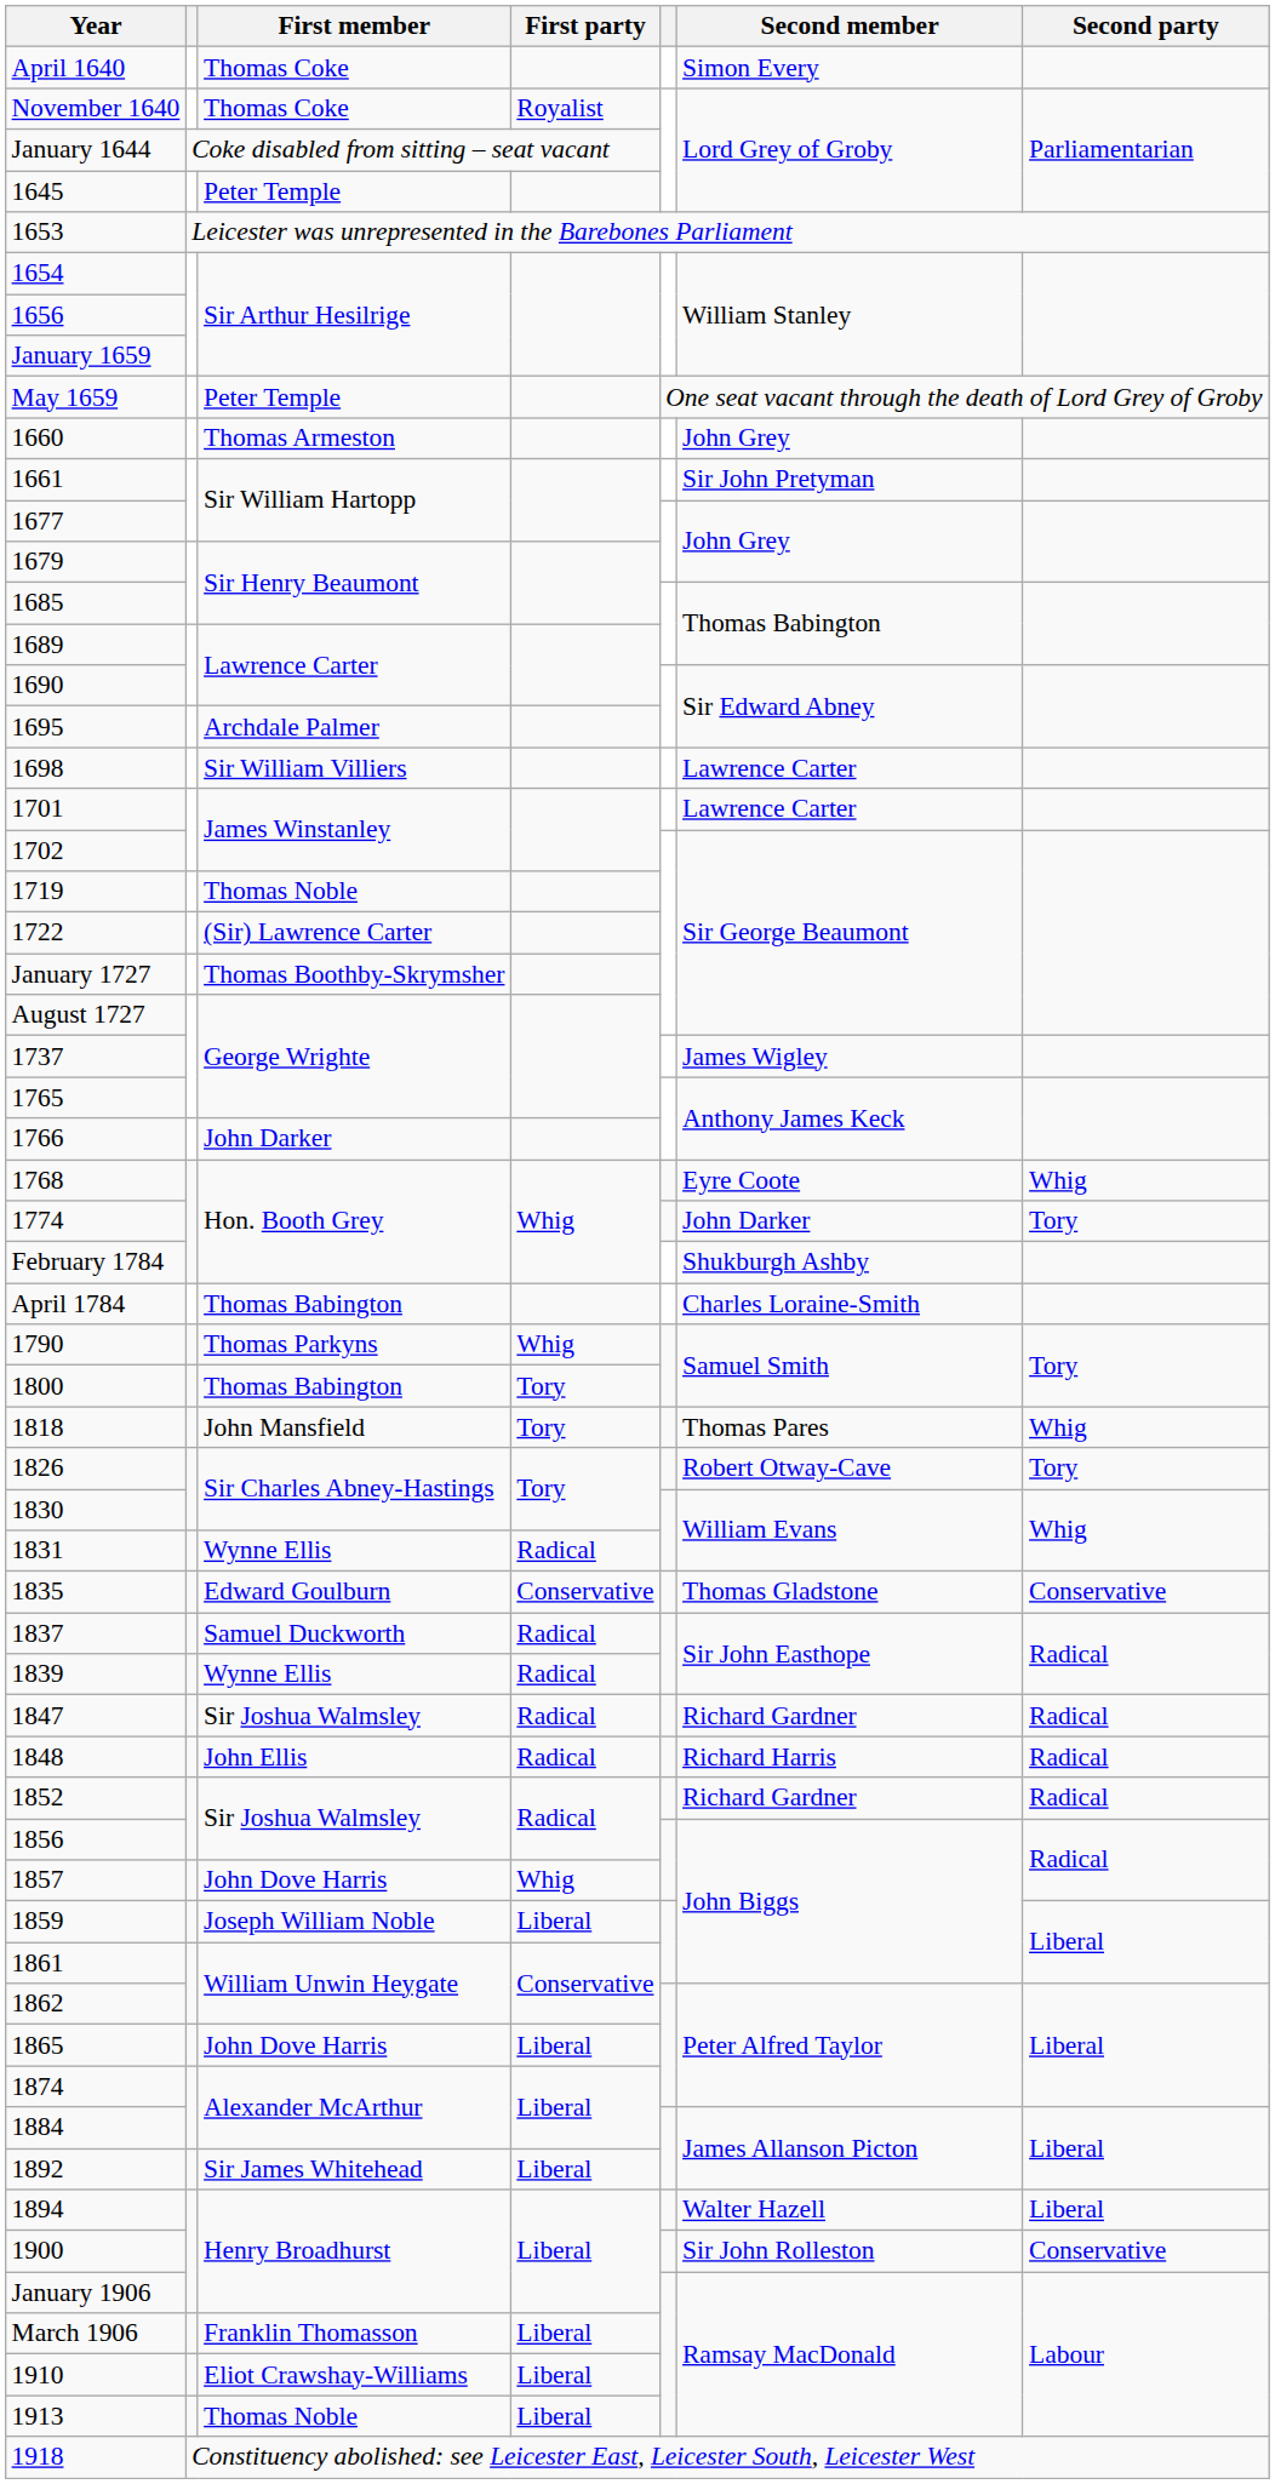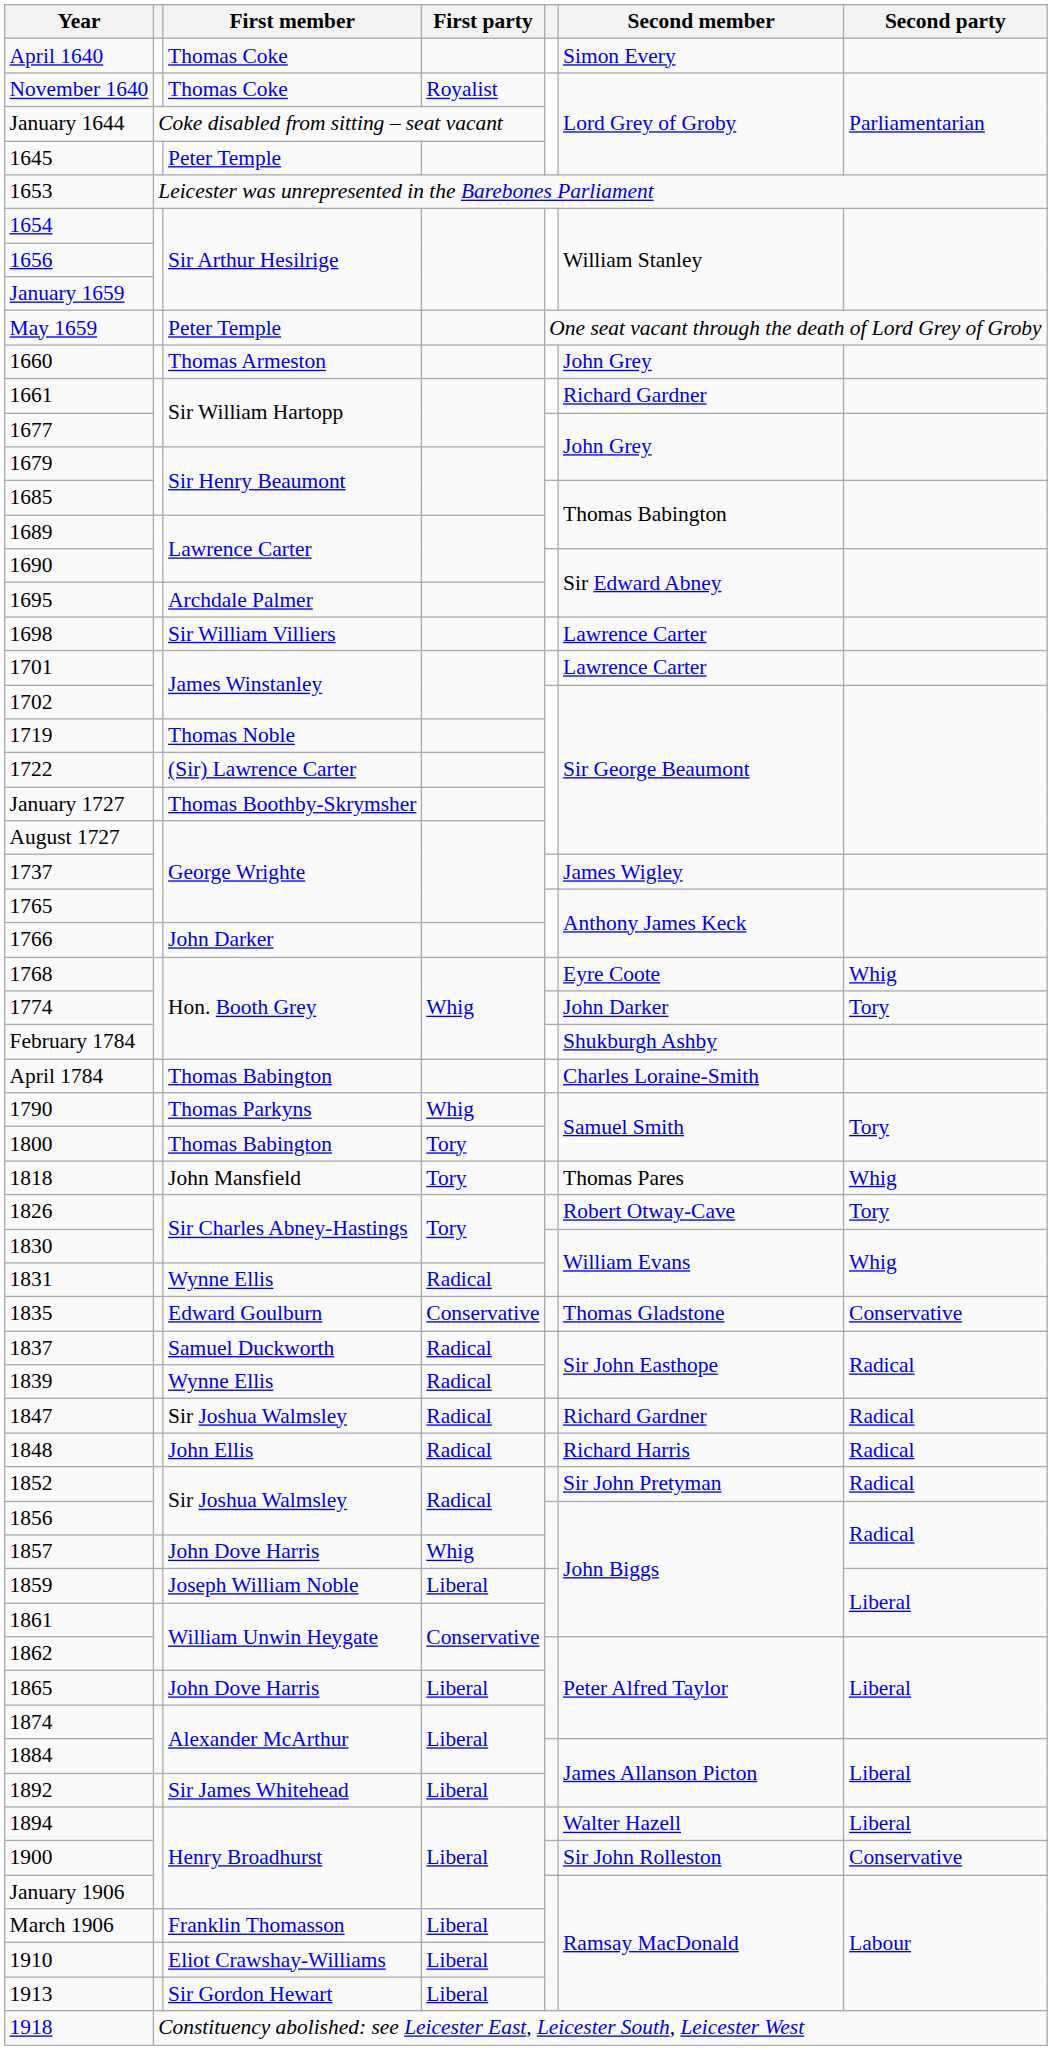 <table class="wikitable">
 <tr>
 <th>Year</th>
 <th></th>
 <th>First member</th>
 <th>First party</th>
 <th></th>
 <th>Second member</th>
 <th>Second party<br></th>
 </tr>
 <tr>
 <td><a href='#'>April 1640</a></td>
 <td style="color:inherit;background-color: white"></td>
 <td><a href='#'>Thomas Coke</a></td>
 <td></td>
 <td style="color:inherit;background-color: white"></td>
 <td><a href='#'>Simon Every</a></td>
 <td></td>
 </tr>
 <tr>
 <td><a href='#'>November 1640</a></td>
 <td style="color:inherit;background-color: white"></td>
 <td><a href='#'>Thomas Coke</a></td>
 <td><a href='#'>Royalist</a></td>
 <td rowspan="3" style="color:inherit;background-color: white"></td>
 <td rowspan="3"><a href='#'>Lord Grey of Groby</a></td>
 <td rowspan="3"><a href='#'>Parliamentarian</a></td>
 </tr>
 <tr>
 <td>January 1644</td>
 <td colspan="3"><em>Coke disabled from sitting – seat vacant</em></td>
 </tr>
 <tr>
 <td>1645</td>
 <td style="color:inherit;background-color: white"></td>
 <td><a href='#'>Peter Temple</a></td>
 <td></td>
 </tr>
 <tr>
 <td>1653</td>
 <td colspan="6"><em>Leicester was unrepresented in the <a href='#'>Barebones Parliament</a> </em></td>
 </tr>
 <tr>
 <td><a href='#'>1654</a></td>
 <td rowspan="3" style="color:inherit;background-color: white"></td>
 <td rowspan="3"><a href='#'>Sir Arthur Hesilrige</a></td>
 <td rowspan="3"></td>
 <td rowspan="3" style="color:inherit;background-color: white"></td>
 <td rowspan="3">William Stanley</td>
 <td rowspan="3"></td>
 </tr>
 <tr>
 <td><a href='#'>1656</a></td>
 </tr>
 <tr>
 <td><a href='#'>January 1659</a></td>
 </tr>
 <tr>
 <td><a href='#'>May 1659</a></td>
 <td style="color:inherit;background-color: white"></td>
 <td><a href='#'>Peter Temple</a></td>
 <td></td>
 <td colspan="3"><em>One seat vacant through the death of Lord Grey of Groby</em></td>
 </tr>
 <tr>
 <td>1660</td>
 <td style="color:inherit;background-color: white"></td>
 <td><a href='#'>Thomas Armeston</a></td>
 <td></td>
 <td style="color:inherit;background-color: white"></td>
 <td><a href='#'>John Grey</a></td>
 <td></td>
 </tr>
 <tr>
 <td>1661</td>
 <td rowspan="2" style="color:inherit;background-color: white"></td>
 <td rowspan="2">Sir William Hartopp</td>
 <td rowspan="2"></td>
 <td style="color:inherit;background-color: white"></td>
-<td><a href='#'>Sir John Pretyman</a></td>
+<td><a href='#'>Richard Gardner</a></td>
 <td></td>
 </tr>
 <tr>
 <td>1677</td>
 <td rowspan="2" style="color:inherit;background-color: white"></td>
 <td rowspan="2"><a href='#'>John Grey</a></td>
 <td rowspan="2"></td>
 </tr>
 <tr>
 <td>1679</td>
 <td rowspan="2" style="color:inherit;background-color: white"></td>
 <td rowspan="2"><a href='#'>Sir Henry Beaumont</a></td>
 <td rowspan="2"></td>
 </tr>
 <tr>
 <td>1685</td>
 <td rowspan="2" style="color:inherit;background-color: white"></td>
 <td rowspan="2">Thomas Babington</td>
 <td rowspan="2"></td>
 </tr>
 <tr>
 <td>1689</td>
 <td rowspan="2" style="color:inherit;background-color: white"></td>
 <td rowspan="2"><a href='#'>Lawrence Carter</a></td>
 <td rowspan="2"></td>
 </tr>
 <tr>
 <td>1690</td>
 <td rowspan="2" style="color:inherit;background-color: white"></td>
 <td rowspan="2">Sir <a href='#'>Edward Abney</a></td>
 <td rowspan="2"></td>
 </tr>
 <tr>
 <td>1695</td>
 <td style="color:inherit;background-color: white"></td>
 <td><a href='#'>Archdale Palmer</a></td>
 <td></td>
 </tr>
 <tr>
 <td>1698</td>
 <td style="color:inherit;background-color: white"></td>
 <td><a href='#'>Sir William Villiers</a></td>
 <td></td>
 <td style="color:inherit;background-color: white"></td>
 <td><a href='#'>Lawrence Carter</a></td>
 <td></td>
 </tr>
 <tr>
 <td>1701</td>
 <td rowspan="2" style="color:inherit;background-color: white"></td>
 <td rowspan="2"><a href='#'>James Winstanley</a></td>
 <td rowspan="2"></td>
 <td style="color:inherit;background-color: white"></td>
 <td><a href='#'>Lawrence Carter</a></td>
 <td></td>
 </tr>
 <tr>
 <td>1702</td>
 <td rowspan="5" style="color:inherit;background-color: white"></td>
 <td rowspan="5"><a href='#'>Sir George Beaumont</a></td>
 <td rowspan="5"></td>
 </tr>
 <tr>
 <td>1719</td>
 <td style="color:inherit;background-color: white"></td>
 <td><a href='#'>Thomas Noble</a></td>
 <td></td>
 </tr>
 <tr>
 <td>1722</td>
 <td style="color:inherit;background-color: white"></td>
 <td><a href='#'>(Sir) Lawrence Carter</a></td>
 <td></td>
 </tr>
 <tr>
 <td>January 1727</td>
 <td style="color:inherit;background-color: white"></td>
 <td><a href='#'>Thomas Boothby-Skrymsher</a></td>
 <td></td>
 </tr>
 <tr>
 <td>August 1727</td>
 <td rowspan="3" style="color:inherit;background-color: white"></td>
 <td rowspan="3"><a href='#'>George Wrighte</a></td>
 <td rowspan="3"></td>
 </tr>
 <tr>
 <td>1737</td>
 <td style="color:inherit;background-color: white"></td>
 <td><a href='#'>James Wigley</a></td>
 <td></td>
 </tr>
 <tr>
 <td>1765</td>
 <td rowspan="2" style="color:inherit;background-color: white"></td>
 <td rowspan="2"><a href='#'>Anthony James Keck</a></td>
 <td rowspan="2"></td>
 </tr>
 <tr>
 <td>1766</td>
 <td style="color:inherit;background-color: white"></td>
 <td><a href='#'>John Darker</a></td>
 <td></td>
 </tr>
 <tr>
 <td>1768</td>
 <td rowspan="3" style="color:inherit;background-color: "></td>
 <td rowspan="3">Hon. <a href='#'>Booth Grey</a></td>
 <td rowspan="3"><a href='#'>Whig</a></td>
 <td style="color:inherit;background-color: "></td>
 <td><a href='#'>Eyre Coote</a></td>
 <td><a href='#'>Whig</a></td>
 </tr>
 <tr>
 <td>1774</td>
 <td style="color:inherit;background-color: "></td>
 <td><a href='#'>John Darker</a></td>
 <td><a href='#'>Tory</a></td>
 </tr>
 <tr>
 <td>February 1784</td>
 <td style="color:inherit;background-color: white"></td>
 <td><a href='#'>Shukburgh Ashby</a></td>
 <td></td>
 </tr>
 <tr>
 <td>April 1784</td>
 <td style="color:inherit;background-color: white"></td>
 <td><a href='#'>Thomas Babington</a></td>
 <td></td>
 <td style="color:inherit;background-color: white"></td>
 <td><a href='#'>Charles Loraine-Smith</a></td>
 <td></td>
 </tr>
 <tr>
 <td>1790</td>
 <td style="color:inherit;background-color: "></td>
 <td><a href='#'>Thomas Parkyns</a></td>
 <td><a href='#'>Whig</a></td>
 <td rowspan="2" style="color:inherit;background-color: "></td>
 <td rowspan="2"><a href='#'>Samuel Smith</a></td>
 <td rowspan="2"><a href='#'>Tory</a></td>
 </tr>
 <tr>
 <td>1800</td>
 <td style="color:inherit;background-color: "></td>
 <td><a href='#'>Thomas Babington</a></td>
 <td><a href='#'>Tory</a></td>
 </tr>
 <tr>
 <td>1818</td>
 <td style="color:inherit;background-color: "></td>
 <td>John Mansfield</td>
 <td><a href='#'>Tory</a></td>
 <td style="color:inherit;background-color: "></td>
 <td>Thomas Pares</td>
 <td><a href='#'>Whig</a></td>
 </tr>
 <tr>
 <td>1826</td>
 <td rowspan="2" style="color:inherit;background-color: "></td>
 <td rowspan="2"><a href='#'>Sir Charles Abney-Hastings</a></td>
 <td rowspan="2"><a href='#'>Tory</a></td>
 <td style="color:inherit;background-color: "></td>
 <td><a href='#'>Robert Otway-Cave</a></td>
 <td><a href='#'>Tory</a></td>
 </tr>
 <tr>
 <td>1830</td>
 <td rowspan="2" style="color:inherit;background-color: "></td>
 <td rowspan="2"><a href='#'>William Evans</a></td>
 <td rowspan="2"><a href='#'>Whig</a></td>
 </tr>
 <tr>
 <td>1831</td>
 <td style="color:inherit;background-color: "></td>
 <td><a href='#'>Wynne Ellis</a></td>
 <td><a href='#'>Radical</a></td>
 </tr>
 <tr>
 <td>1835</td>
 <td style="color:inherit;background-color: "></td>
 <td><a href='#'>Edward Goulburn</a></td>
 <td><a href='#'>Conservative</a></td>
 <td style="color:inherit;background-color: "></td>
 <td><a href='#'>Thomas Gladstone</a></td>
 <td><a href='#'>Conservative</a></td>
 </tr>
 <tr>
 <td>1837</td>
 <td style="color:inherit;background-color: "></td>
 <td><a href='#'>Samuel Duckworth</a></td>
 <td><a href='#'>Radical</a></td>
 <td rowspan="2" style="color:inherit;background-color: "></td>
 <td rowspan="2"><a href='#'>Sir John Easthope</a></td>
 <td rowspan="2"><a href='#'>Radical</a></td>
 </tr>
 <tr>
 <td>1839</td>
 <td style="color:inherit;background-color: "></td>
 <td><a href='#'>Wynne Ellis</a></td>
 <td><a href='#'>Radical</a></td>
 </tr>
 <tr>
 <td>1847 </td>
 <td style="color:inherit;background-color: "></td>
 <td>Sir <a href='#'>Joshua Walmsley</a></td>
 <td><a href='#'>Radical</a></td>
 <td style="color:inherit;background-color: "></td>
 <td><a href='#'>Richard Gardner</a></td>
 <td><a href='#'>Radical</a></td>
 </tr>
 <tr>
 <td>1848</td>
 <td style="color:inherit;background-color: "></td>
 <td><a href='#'>John Ellis</a></td>
 <td><a href='#'>Radical</a></td>
 <td style="color:inherit;background-color: "></td>
 <td><a href='#'>Richard Harris</a></td>
 <td><a href='#'>Radical</a></td>
 </tr>
 <tr>
 <td>1852</td>
 <td rowspan="2" style="color:inherit;background-color: "></td>
 <td rowspan="2">Sir <a href='#'>Joshua Walmsley</a></td>
 <td rowspan="2"><a href='#'>Radical</a></td>
 <td style="color:inherit;background-color: "></td>
-<td><a href='#'>Richard Gardner</a></td>
+<td><a href='#'>Sir John Pretyman</a></td>
 <td><a href='#'>Radical</a></td>
 </tr>
 <tr>
 <td>1856</td>
 <td rowspan="2" style="color:inherit;background-color: "></td>
 <td rowspan="4"><a href='#'>John Biggs</a></td>
 <td rowspan="2"><a href='#'>Radical</a></td>
 </tr>
 <tr>
 <td>1857</td>
 <td style="color:inherit;background-color: "></td>
 <td><a href='#'>John Dove Harris</a></td>
 <td><a href='#'>Whig</a></td>
 </tr>
 <tr>
 <td>1859</td>
 <td style="color:inherit;background-color: "></td>
 <td><a href='#'>Joseph William Noble</a></td>
 <td><a href='#'>Liberal</a></td>
 <td rowspan="2" style="color:inherit;background-color: "></td>
 <td rowspan="2"><a href='#'>Liberal</a></td>
 </tr>
 <tr>
 <td>1861</td>
 <td rowspan="2" style="color:inherit;background-color: "></td>
 <td rowspan="2"><a href='#'>William Unwin Heygate</a></td>
 <td rowspan="2"><a href='#'>Conservative</a></td>
 </tr>
 <tr>
 <td>1862</td>
 <td rowspan="3" style="color:inherit;background-color: "></td>
 <td rowspan="3"><a href='#'>Peter Alfred Taylor</a></td>
 <td rowspan="3"><a href='#'>Liberal</a></td>
 </tr>
 <tr>
 <td>1865</td>
 <td style="color:inherit;background-color: "></td>
 <td><a href='#'>John Dove Harris</a></td>
 <td><a href='#'>Liberal</a></td>
 </tr>
 <tr>
 <td>1874</td>
 <td rowspan="2" style="color:inherit;background-color: "></td>
 <td rowspan="2"><a href='#'>Alexander McArthur</a></td>
 <td rowspan="2"><a href='#'>Liberal</a></td>
 </tr>
 <tr>
 <td>1884</td>
 <td rowspan="2" style="color:inherit;background-color: "></td>
 <td rowspan="2"><a href='#'>James Allanson Picton</a></td>
 <td rowspan="2"><a href='#'>Liberal</a></td>
 </tr>
 <tr>
 <td>1892</td>
 <td style="color:inherit;background-color: "></td>
 <td><a href='#'>Sir James Whitehead</a></td>
 <td><a href='#'>Liberal</a></td>
 </tr>
 <tr>
 <td>1894</td>
 <td rowspan="3" style="color:inherit;background-color: "></td>
 <td rowspan="3"><a href='#'>Henry Broadhurst</a></td>
 <td rowspan="3"><a href='#'>Liberal</a></td>
 <td style="color:inherit;background-color: "></td>
 <td><a href='#'>Walter Hazell</a></td>
 <td><a href='#'>Liberal</a></td>
 </tr>
 <tr>
 <td>1900</td>
 <td style="color:inherit;background-color: "></td>
 <td><a href='#'>Sir John Rolleston</a></td>
 <td><a href='#'>Conservative</a></td>
 </tr>
 <tr>
 <td>January 1906</td>
 <td rowspan="4" style="color:inherit;background-color: "></td>
 <td rowspan="4"><a href='#'>Ramsay MacDonald</a></td>
 <td rowspan="4"><a href='#'>Labour</a></td>
 </tr>
 <tr>
 <td>March 1906</td>
 <td style="color:inherit;background-color: "></td>
 <td><a href='#'>Franklin Thomasson</a></td>
 <td><a href='#'>Liberal</a></td>
 </tr>
 <tr>
 <td>1910</td>
 <td style="color:inherit;background-color: "></td>
 <td><a href='#'>Eliot Crawshay-Williams</a></td>
 <td><a href='#'>Liberal</a></td>
 </tr>
 <tr>
 <td>1913</td>
 <td style="color:inherit;background-color: "></td>
-<td><a href='#'>Thomas Noble</a></td>
+<td><a href='#'>Sir Gordon Hewart</a></td>
 <td><a href='#'>Liberal</a></td>
 </tr>
 <tr>
 <td><a href='#'>1918</a></td>
 <td colspan="6"><em>Constituency abolished: see <a href='#'>Leicester East</a>, <a href='#'>Leicester South</a>, <a href='#'>Leicester West</a></em></td>
 </tr>
 </table>
